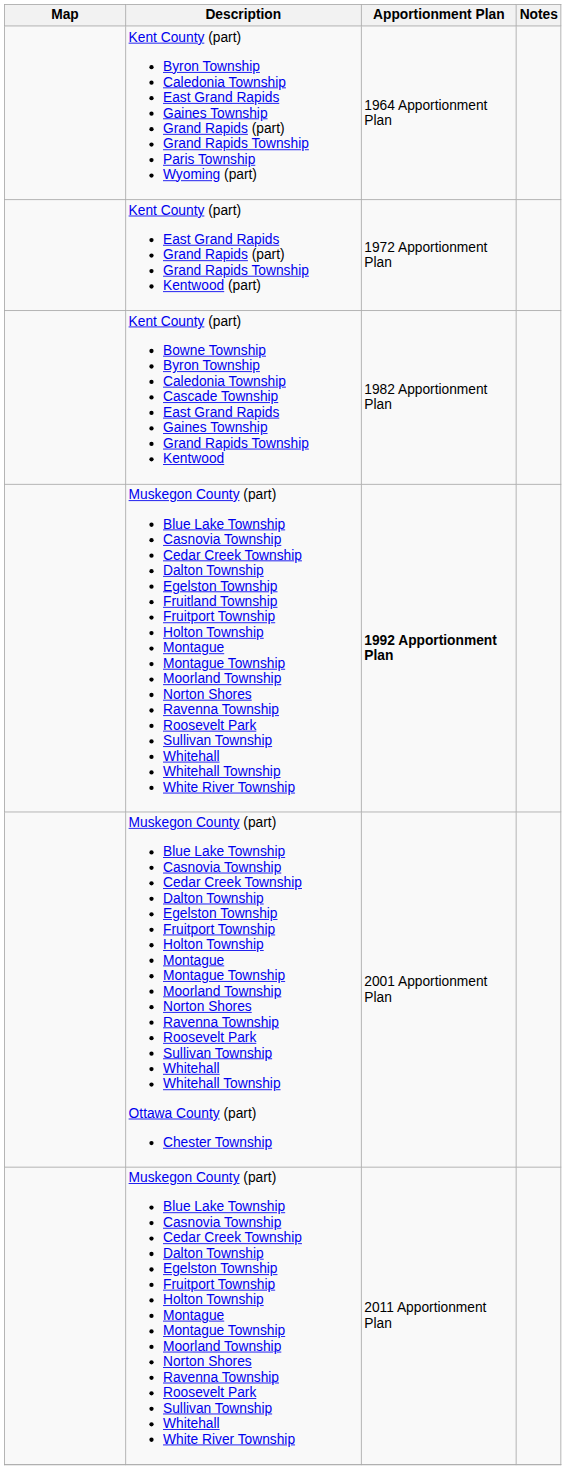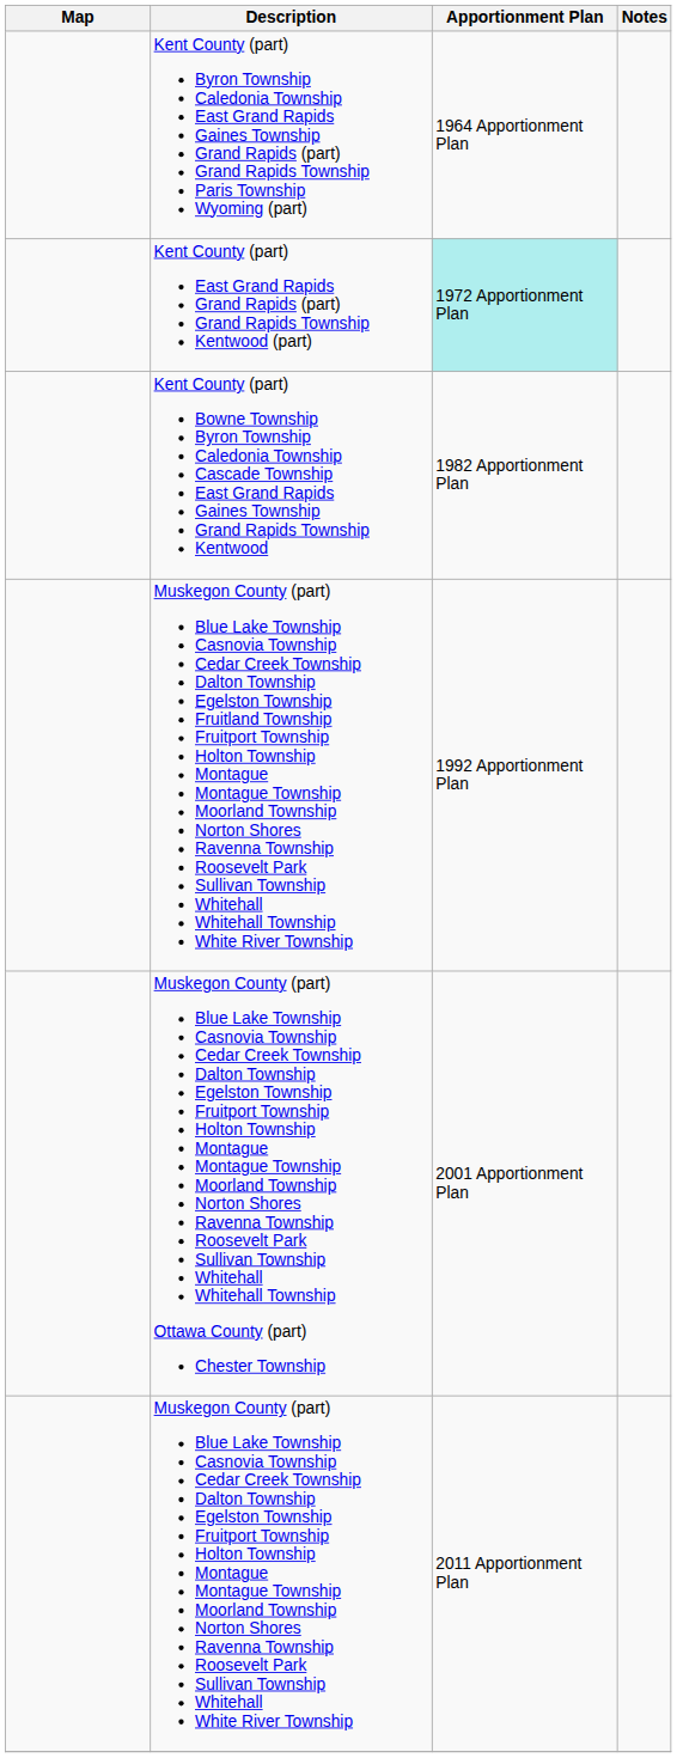 <table class="wikitable sortable">
 <tr>
 <th style="width:100pt;">Map</th>
 <th style="width:200pt;">Description</th>
 <th style="width:130pt;">Apportionment Plan</th>
 <th style="width:15pt;">Notes</th>
 </tr>
 <tr>
 <td></td>
 <td><a href='#'>Kent County</a> (part)<br><ul><li><a href='#'>Byron Township</a></li><li><a href='#'>Caledonia Township</a></li><li><a href='#'>East Grand Rapids</a></li><li><a href='#'>Gaines Township</a></li><li><a href='#'>Grand Rapids</a> (part)</li><li><a href='#'>Grand Rapids Township</a></li><li><a href='#'>Paris Township</a></li><li><a href='#'>Wyoming</a> (part)</li></ul></td>
 <td>1964 Apportionment Plan</td>
 <td></td>
 </tr>
 <tr>
 <td></td>
 <td><a href='#'>Kent County</a> (part)<br><ul><li><a href='#'>East Grand Rapids</a></li><li><a href='#'>Grand Rapids</a> (part)</li><li><a href='#'>Grand Rapids Township</a></li><li><a href='#'>Kentwood</a> (part)</li></ul></td>
-<td>1972 Apportionment Plan</td>
+<td style="background: paleturquoise;">1972 Apportionment Plan</td>
 <td></td>
 </tr>
 <tr>
 <td></td>
 <td><a href='#'>Kent County</a> (part)<br><ul><li><a href='#'>Bowne Township</a></li><li><a href='#'>Byron Township</a></li><li><a href='#'>Caledonia Township</a></li><li><a href='#'>Cascade Township</a></li><li><a href='#'>East Grand Rapids</a></li><li><a href='#'>Gaines Township</a></li><li><a href='#'>Grand Rapids Township</a></li><li><a href='#'>Kentwood</a></li></ul></td>
 <td>1982 Apportionment Plan</td>
 <td></td>
 </tr>
 <tr>
 <td></td>
 <td><a href='#'>Muskegon County</a> (part)<br><ul><li><a href='#'>Blue Lake Township</a></li><li><a href='#'>Casnovia Township</a></li><li><a href='#'>Cedar Creek Township</a></li><li><a href='#'>Dalton Township</a></li><li><a href='#'>Egelston Township</a></li><li><a href='#'>Fruitland Township</a></li><li><a href='#'>Fruitport Township</a></li><li><a href='#'>Holton Township</a></li><li><a href='#'>Montague</a></li><li><a href='#'>Montague Township</a></li><li><a href='#'>Moorland Township</a></li><li><a href='#'>Norton Shores</a></li><li><a href='#'>Ravenna Township</a></li><li><a href='#'>Roosevelt Park</a></li><li><a href='#'>Sullivan Township</a></li><li><a href='#'>Whitehall</a></li><li><a href='#'>Whitehall Township</a></li><li><a href='#'>White River Township</a></li></ul></td>
-<td><strong>1992 Apportionment Plan</strong></td>
+<td>1992 Apportionment Plan</td>
 <td></td>
 </tr>
 <tr>
 <td></td>
 <td><a href='#'>Muskegon County</a> (part)<br><ul><li><a href='#'>Blue Lake Township</a></li><li><a href='#'>Casnovia Township</a></li><li><a href='#'>Cedar Creek Township</a></li><li><a href='#'>Dalton Township</a></li><li><a href='#'>Egelston Township</a></li><li><a href='#'>Fruitport Township</a></li><li><a href='#'>Holton Township</a></li><li><a href='#'>Montague</a></li><li><a href='#'>Montague Township</a></li><li><a href='#'>Moorland Township</a></li><li><a href='#'>Norton Shores</a></li><li><a href='#'>Ravenna Township</a></li><li><a href='#'>Roosevelt Park</a></li><li><a href='#'>Sullivan Township</a></li><li><a href='#'>Whitehall</a></li><li><a href='#'>Whitehall Township</a></li></ul><a href='#'>Ottawa County</a> (part)<ul><li><a href='#'>Chester Township</a></li></ul></td>
 <td>2001 Apportionment Plan</td>
 <td></td>
 </tr>
 <tr>
 <td></td>
 <td><a href='#'>Muskegon County</a> (part)<br><ul><li><a href='#'>Blue Lake Township</a></li><li><a href='#'>Casnovia Township</a></li><li><a href='#'>Cedar Creek Township</a></li><li><a href='#'>Dalton Township</a></li><li><a href='#'>Egelston Township</a></li><li><a href='#'>Fruitport Township</a></li><li><a href='#'>Holton Township</a></li><li><a href='#'>Montague</a></li><li><a href='#'>Montague Township</a></li><li><a href='#'>Moorland Township</a></li><li><a href='#'>Norton Shores</a></li><li><a href='#'>Ravenna Township</a></li><li><a href='#'>Roosevelt Park</a></li><li><a href='#'>Sullivan Township</a></li><li><a href='#'>Whitehall</a></li><li><a href='#'>White River Township</a></li></ul></td>
 <td>2011 Apportionment Plan</td>
 <td></td>
 </tr>
 <tr>
 </tr>
 </table>
